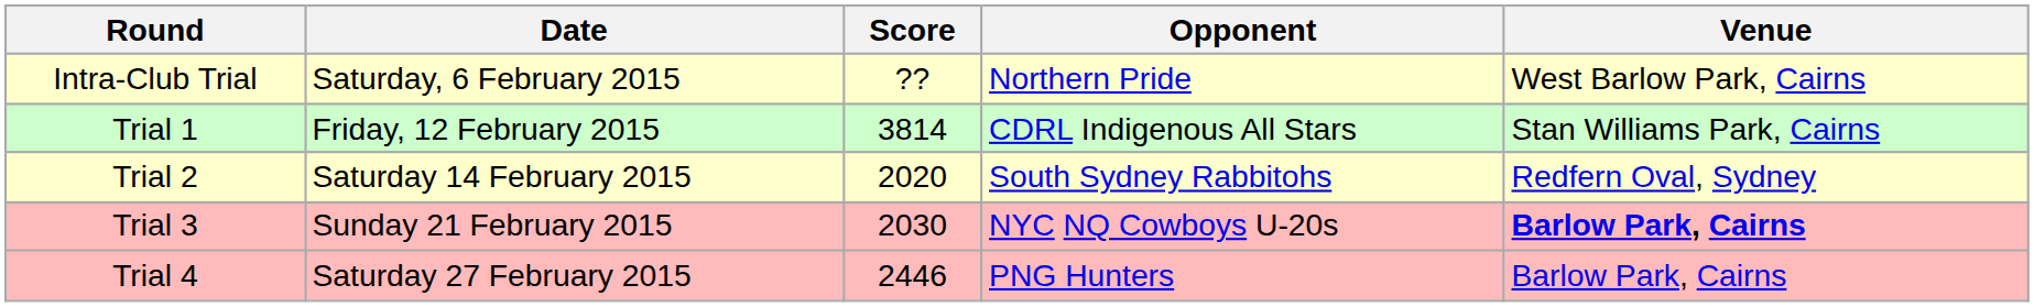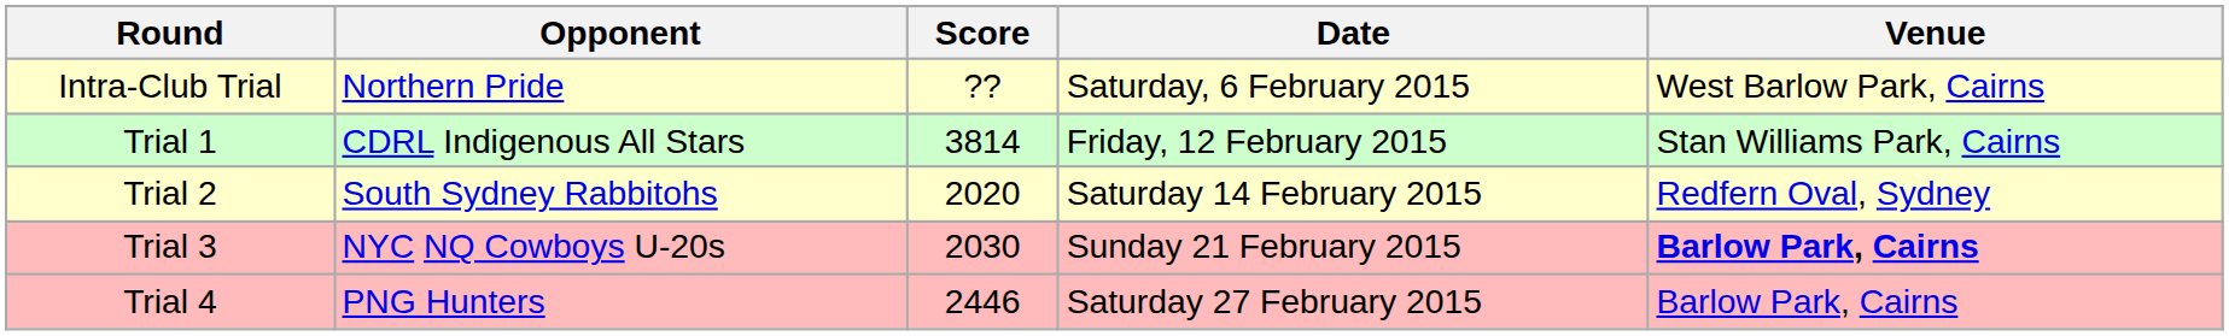 <table class="wikitable" style="font-size:85%; bgcolor:#d6d6d6; width:100%;">
 <tr>
 <th width="">Round</th>
+<th width="">Opponent</th>
+<th width="">Score</th>
 <th width="">Date</th>
-<th width="">Score</th>
-<th width="">Opponent</th>
 <th width="">Venue</th>
 </tr>
 <tr bgcolor=#FFFFCC>
 <td style="text-align:center;">Intra-Club Trial</td>
+<td> <a href='#'>Northern Pride</a></td>
+<td style="text-align:center;">??</td>
 <td>Saturday, 6 February 2015</td>
-<td style="text-align:center;">??</td>
-<td> <a href='#'>Northern Pride</a></td>
 <td>West Barlow Park, <a href='#'>Cairns</a></td>
 </tr>
 <tr bgcolor=#CCFFCC>
 <td style="text-align:center;">Trial 1</td>
+<td> <a href='#'>CDRL</a> Indigenous All Stars</td>
+<td style="text-align:center;">3814</td>
 <td>Friday, 12 February 2015</td>
-<td style="text-align:center;">3814</td>
-<td> <a href='#'>CDRL</a> Indigenous All Stars</td>
 <td>Stan Williams Park, <a href='#'>Cairns</a></td>
 </tr>
 <tr bgcolor=#FFFFCC>
 <td style="text-align:center;">Trial 2</td>
+<td> <a href='#'>South Sydney Rabbitohs</a></td>
+<td style="text-align:center;">2020</td>
 <td>Saturday 14 February 2015</td>
-<td style="text-align:center;">2020</td>
-<td> <a href='#'>South Sydney Rabbitohs</a></td>
 <td><a href='#'>Redfern Oval</a>, <a href='#'>Sydney</a></td>
 </tr>
 <tr bgcolor=#FFBBBB>
 <td style="text-align:center;">Trial 3</td>
+<td> <a href='#'>NYC</a> <a href='#'>NQ Cowboys</a> U-20s</td>
+<td style="text-align:center;">2030</td>
 <td>Sunday 21 February 2015</td>
-<td style="text-align:center;">2030</td>
-<td> <a href='#'>NYC</a> <a href='#'>NQ Cowboys</a> U-20s</td>
 <td><strong><a href='#'>Barlow Park</a>, <a href='#'>Cairns</a></strong></td>
 </tr>
 <tr bgcolor=#FFBBBB>
 <td style="text-align:center;">Trial 4</td>
+<td> <a href='#'>PNG Hunters</a></td>
+<td style="text-align:center;">2446</td>
 <td>Saturday 27 February 2015</td>
-<td style="text-align:center;">2446</td>
-<td> <a href='#'>PNG Hunters</a></td>
 <td><a href='#'>Barlow Park</a>, <a href='#'>Cairns</a></td>
 </tr>
 </table>
